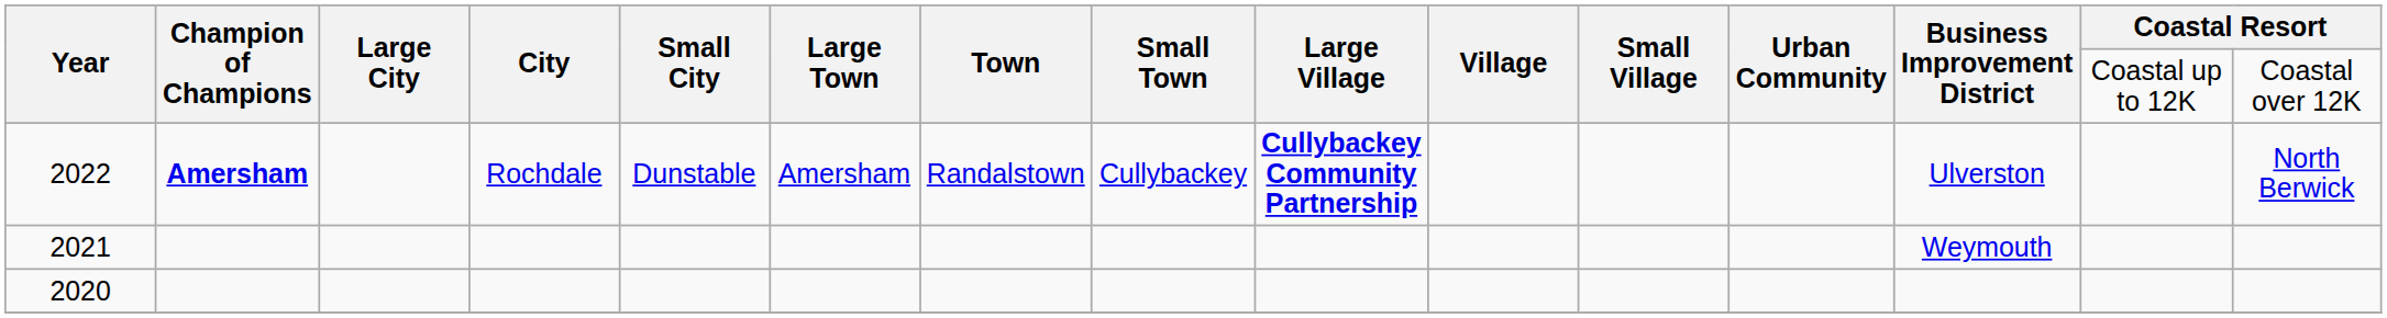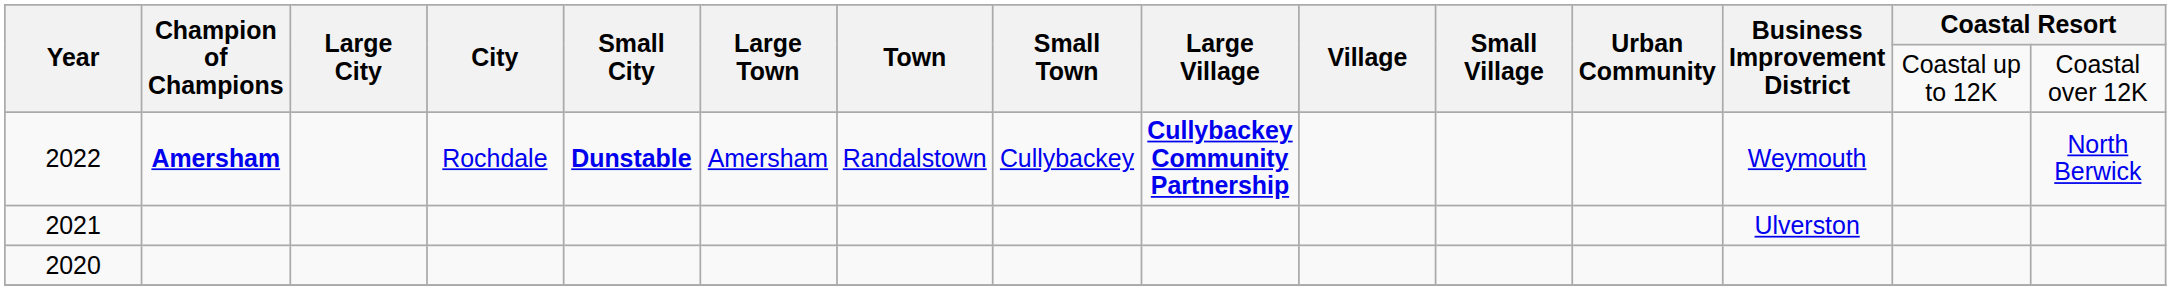 <table class="wikitable" style="text-align:center; font-size:90%">
 <tr>
 <th rowspan=2 style="width:6.25%;">Year</th>
 <th rowspan=2 style="width:6.25%;">Champion of Champions</th>
 <th rowspan=2 style="width:6.25%;">Large<br>City</th>
 <th rowspan=2 style="width:6.25%;">City</th>
 <th rowspan=2 style="width:6.25%;">Small<br>City</th>
 <th rowspan=2 style="width:6.25%;">Large<br>Town</th>
 <th rowspan=2 style="width:6.25%;">Town</th>
 <th rowspan=2 style="width:6.25%;">Small<br>Town</th>
 <th rowspan=2 style="width:6.25%;">Large<br>Village</th>
 <th rowspan=2 style="width:6.25%;">Village</th>
 <th rowspan=2 style="width:6.25%;">Small<br>Village</th>
 <th rowspan=2 style="width:6.25%;">Urban<br>Community</th>
 <th rowspan=2 style="width:6.25%;">Business <br>Improvement <br>District</th>
 <th colspan="2" style="width:12.5%;">Coastal Resort</th>
 </tr>
 <tr>
 <td>Coastal up to 12K</td>
 <td>Coastal over 12K</td>
 </tr>
 <tr>
 <td>2022</td>
 <td><strong><a href='#'>Amersham</a></strong></td>
 <td></td>
 <td><a href='#'>Rochdale</a></td>
-<td><a href='#'>Dunstable</a></td>
+<td><strong><a href='#'>Dunstable</a></strong></td>
 <td><a href='#'>Amersham</a></td>
 <td><a href='#'>Randalstown</a></td>
 <td><a href='#'>Cullybackey</a></td>
 <td><strong><a href='#'>Cullybackey Community Partnership</a></strong></td>
 <td></td>
 <td></td>
 <td></td>
-<td><a href='#'>Ulverston</a></td>
+<td><a href='#'>Weymouth</a></td>
 <td></td>
 <td><a href='#'>North Berwick</a></td>
 </tr>
 <tr>
 <td>2021</td>
 <td></td>
 <td></td>
 <td></td>
 <td></td>
 <td></td>
 <td></td>
 <td></td>
 <td></td>
 <td></td>
 <td></td>
 <td></td>
-<td><a href='#'>Weymouth</a></td>
+<td><a href='#'>Ulverston</a></td>
 <td></td>
 <td></td>
 </tr>
 <tr>
 <td>2020</td>
 <td></td>
 <td></td>
 <td></td>
 <td></td>
 <td></td>
 <td></td>
 <td></td>
 <td></td>
 <td></td>
 <td></td>
 <td></td>
 <td></td>
 <td></td>
 <td></td>
 </tr>
 <tr>
 </tr>
 </table>
